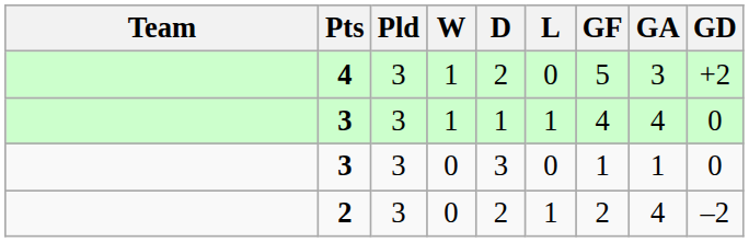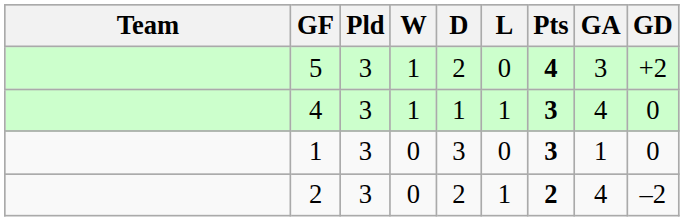 <table class=wikitable style="text-align:center">
 <tr>
 <th width=165>Team</th>
-<th width=20>Pts</th>
+<th width=20>GF</th>
 <th width=20>Pld</th>
 <th width=20>W</th>
 <th width=20>D</th>
 <th width=20>L</th>
-<th width=20>GF</th>
+<th width=20>Pts</th>
 <th width=20>GA</th>
 <th width=20>GD</th>
 </tr>
 <tr align=center style="background:#ccffcc;">
 <td style="text-align:left;"></td>
-<td><strong>4</strong></td>
+<td>5</td>
 <td>3</td>
 <td>1</td>
 <td>2</td>
 <td>0</td>
-<td>5</td>
+<td><strong>4</strong></td>
 <td>3</td>
 <td>+2</td>
 </tr>
 <tr align=center style="background:#ccffcc;">
 <td style="text-align:left;"></td>
-<td><strong>3</strong></td>
+<td>4</td>
 <td>3</td>
 <td>1</td>
 <td>1</td>
 <td>1</td>
-<td>4</td>
+<td><strong>3</strong></td>
 <td>4</td>
 <td>0</td>
 </tr>
 <tr align=center>
 <td style="text-align:left;"></td>
-<td><strong>3</strong></td>
+<td>1</td>
 <td>3</td>
 <td>0</td>
 <td>3</td>
 <td>0</td>
-<td>1</td>
+<td><strong>3</strong></td>
 <td>1</td>
 <td>0</td>
 </tr>
 <tr align=center>
 <td style="text-align:left;"></td>
-<td><strong>2</strong></td>
+<td>2</td>
 <td>3</td>
 <td>0</td>
 <td>2</td>
 <td>1</td>
-<td>2</td>
+<td><strong>2</strong></td>
 <td>4</td>
 <td>–2</td>
 </tr>
 </table>
